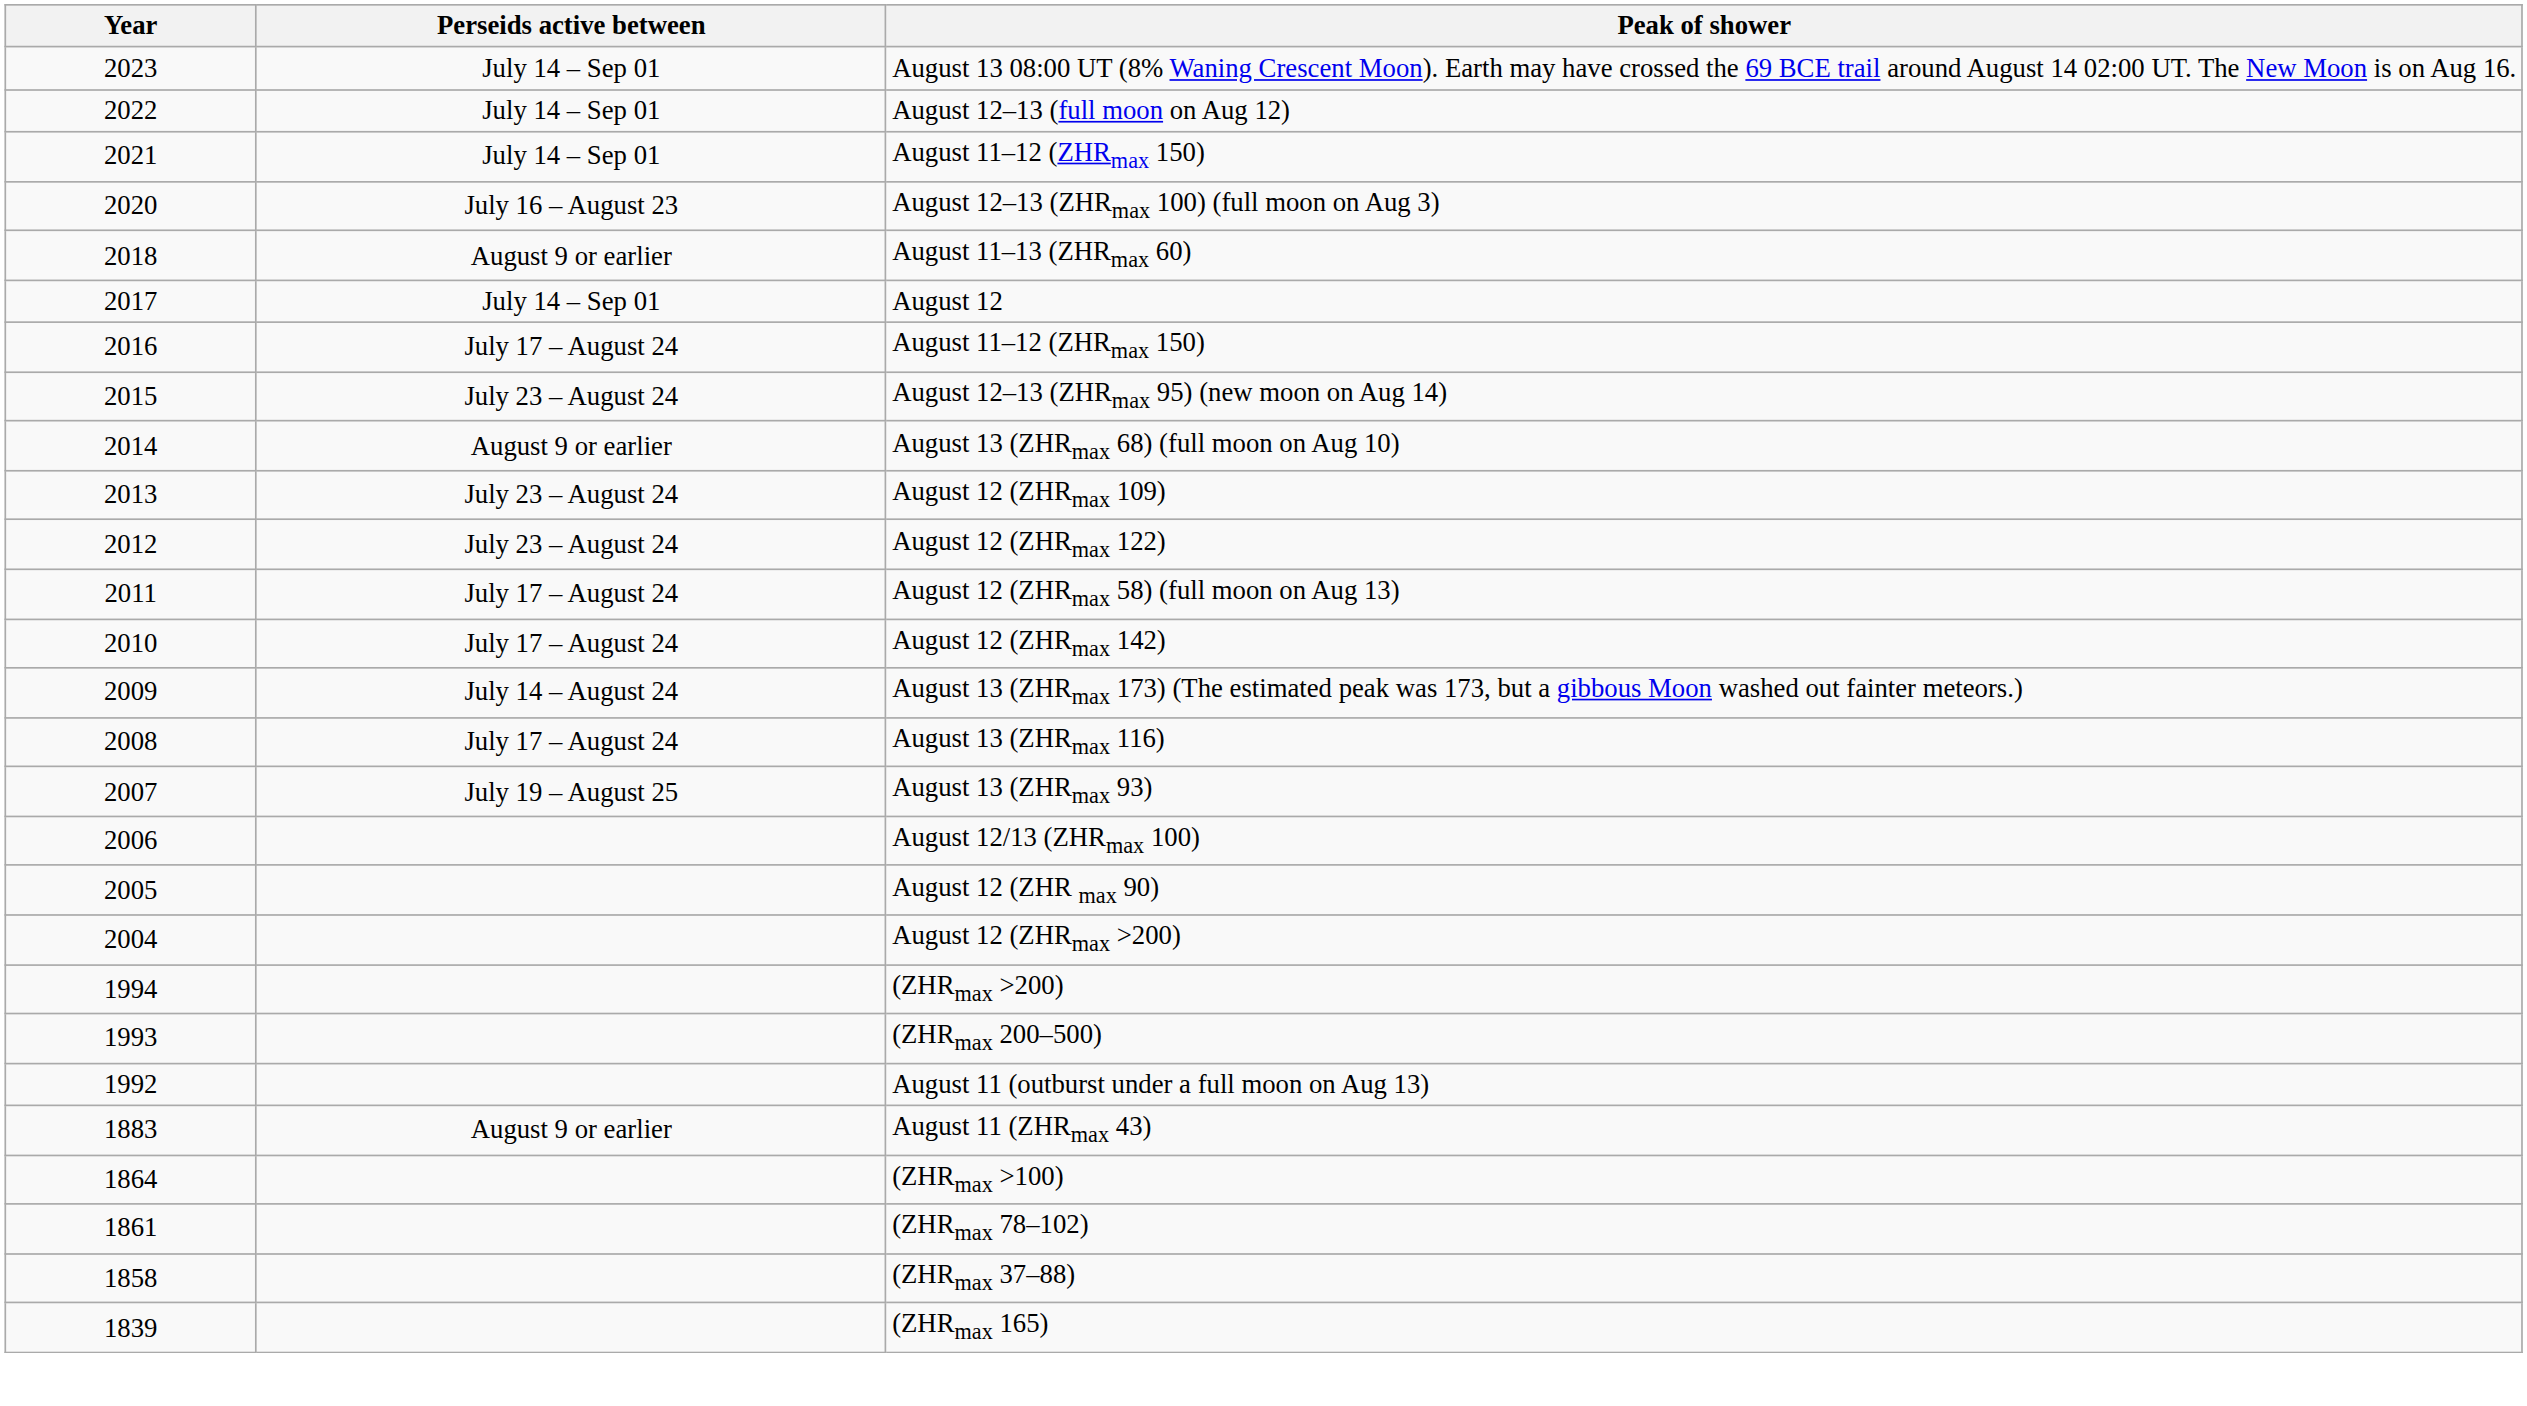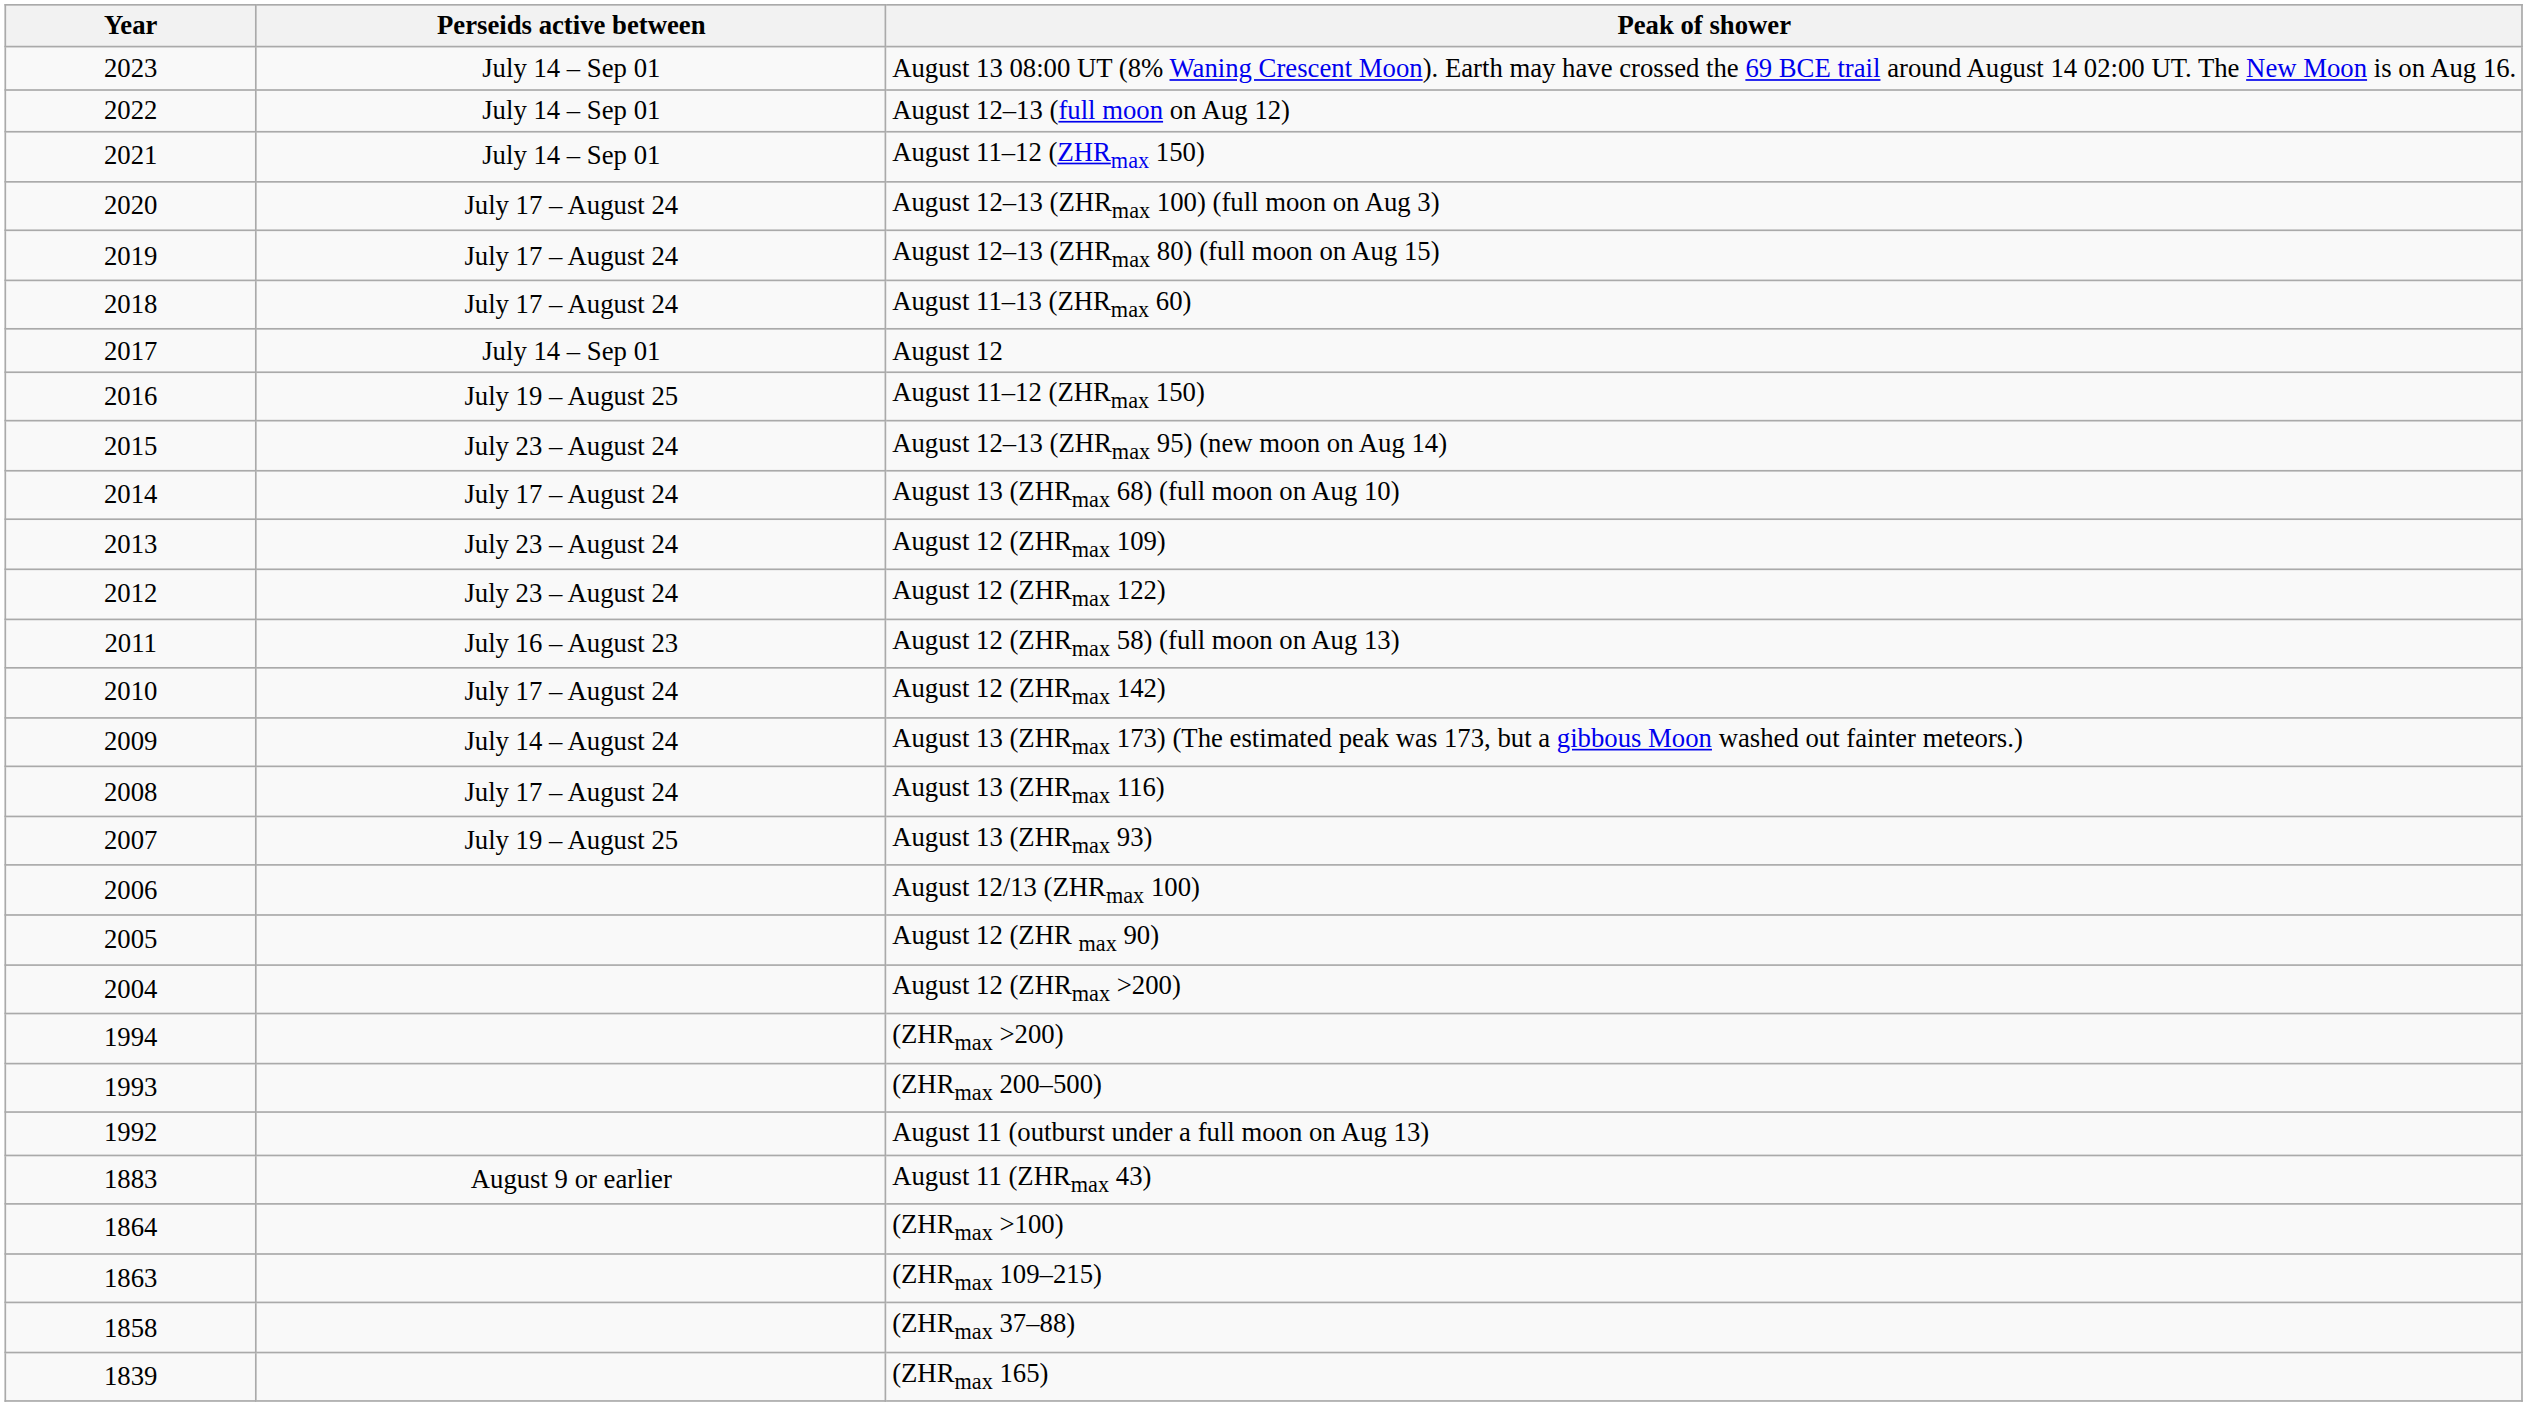 <table style="margin:auto; clear:left" | class="wikitable">
 <tr>
 <th style="width:10%;">Year</th>
 <th style="width:25%;">Perseids active between</th>
 <th style="width:65%;">Peak of shower</th>
 </tr>
 <tr>
 <td style="text-align:center;">2023</td>
 <td style="text-align:center;">July 14 – Sep 01</td>
 <td>August 13 08:00 UT (8% <a href='#'>Waning Crescent Moon</a>). Earth may have crossed the <a href='#'>69 BCE trail</a> around August 14 02:00 UT. The <a href='#'>New Moon</a> is on Aug 16.</td>
 </tr>
 <tr>
 <td style="text-align:center;">2022</td>
 <td style="text-align:center;">July 14 – Sep 01</td>
 <td>August 12–13 (<a href='#'>full moon</a> on Aug 12)</td>
 </tr>
 <tr>
 <td style="text-align:center;">2021</td>
 <td style="text-align:center;">July 14 – Sep 01</td>
 <td>August 11–12 (<a href='#'>ZHR<sub>max</sub></a> 150)</td>
 </tr>
 <tr>
 <td style="text-align:center;">2020</td>
-<td style="text-align:center;">July 16 – August 23</td>
+<td style="text-align:center;">July 17 – August 24</td>
 <td>August 12–13 (ZHR<sub>max</sub> 100) (full moon on Aug 3)</td>
 </tr>
 <tr>
+<td style="text-align:center;">2019</td>
+<td style="text-align:center;">July 17 – August 24</td>
+<td>August 12–13 (ZHR<sub>max</sub> 80) (full moon on Aug 15)</td>
+</tr>
+<tr>
 <td style="text-align:center;">2018</td>
-<td style="text-align:center;">August 9 or earlier</td>
+<td style="text-align:center;">July 17 – August 24</td>
 <td>August 11–13 (ZHR<sub>max</sub> 60)</td>
 </tr>
 <tr>
 <td style="text-align:center;">2017</td>
 <td style="text-align:center;">July 14 – Sep 01</td>
 <td>August 12</td>
 </tr>
 <tr>
 <td style="text-align:center;">2016</td>
-<td style="text-align:center;">July 17 – August 24</td>
+<td style="text-align:center;">July 19 – August 25</td>
 <td>August 11–12  (ZHR<sub>max</sub> 150)</td>
 </tr>
 <tr>
 <td style="text-align:center;">2015</td>
 <td style="text-align:center;">July 23 – August 24</td>
 <td>August 12–13 (ZHR<sub>max</sub> 95) (new moon on Aug 14)</td>
 </tr>
 <tr>
 <td style="text-align:center;">2014</td>
-<td style="text-align:center;">August 9 or earlier</td>
+<td style="text-align:center;">July 17 – August 24</td>
 <td>August 13 (ZHR<sub>max</sub> 68) (full moon on Aug 10)</td>
 </tr>
 <tr>
 <td style="text-align:center;">2013</td>
 <td style="text-align:center;">July 23 – August 24</td>
 <td>August 12 (ZHR<sub>max</sub> 109)</td>
 </tr>
 <tr>
 <td style="text-align:center;">2012</td>
 <td style="text-align:center;">July 23 – August 24</td>
 <td>August 12 (ZHR<sub>max</sub> 122)</td>
 </tr>
 <tr>
 <td style="text-align:center;">2011</td>
-<td style="text-align:center;">July 17 – August 24</td>
+<td style="text-align:center;">July 16 – August 23</td>
 <td>August 12 (ZHR<sub>max</sub> 58) (full moon on Aug 13)</td>
 </tr>
 <tr>
 <td style="text-align:center;">2010</td>
 <td style="text-align:center;">July 17 – August 24</td>
 <td>August 12 (ZHR<sub>max</sub> 142)</td>
 </tr>
 <tr>
 <td style="text-align:center;">2009</td>
 <td style="text-align:center;">July 14 – August 24</td>
 <td>August 13 (ZHR<sub>max</sub> 173) (The estimated peak was 173, but a <a href='#'>gibbous Moon</a> washed out fainter meteors.)</td>
 </tr>
 <tr>
 <td style="text-align:center;">2008</td>
 <td style="text-align:center;">July 17 – August 24</td>
 <td>August 13 (ZHR<sub>max</sub> 116)</td>
 </tr>
 <tr>
 <td style="text-align:center;">2007</td>
 <td style="text-align:center;">July 19 – August 25</td>
 <td>August 13 (ZHR<sub>max</sub> 93)</td>
 </tr>
 <tr>
 <td style="text-align:center;">2006</td>
 <td></td>
 <td>August 12/13 (ZHR<sub>max</sub> 100)</td>
 </tr>
 <tr>
 <td style="text-align:center;">2005</td>
 <td></td>
 <td>August 12 (ZHR <sub>max</sub> 90)</td>
 </tr>
 <tr>
 <td style="text-align:center;">2004</td>
 <td style="text-align:center;"></td>
 <td>August 12 (ZHR<sub>max</sub> >200)</td>
 </tr>
 <tr>
 <td style="text-align:center;">1994</td>
 <td style="text-align:center;"></td>
 <td>(ZHR<sub>max</sub> >200)</td>
 </tr>
 <tr>
 <td style="text-align:center;">1993</td>
 <td style="text-align:center;"></td>
 <td>(ZHR<sub>max</sub> 200–500)</td>
 </tr>
 <tr>
 <td style="text-align:center;">1992</td>
 <td style="text-align:center;"></td>
 <td>August 11 (outburst under a full moon on Aug 13)</td>
 </tr>
 <tr>
 <td style="text-align:center;">1883</td>
 <td style="text-align:center;">August 9 or earlier</td>
 <td>August 11 (ZHR<sub>max</sub> 43)</td>
 </tr>
 <tr>
 <td style="text-align:center;">1864</td>
 <td style="text-align:center;"></td>
 <td>(ZHR<sub>max</sub> >100)</td>
 </tr>
 <tr>
-<td style="text-align:center;">1861</td>
+<td style="text-align:center;">1863</td>
 <td style="text-align:center;"></td>
-<td>(ZHR<sub>max</sub> 78–102)</td>
+<td>(ZHR<sub>max</sub> 109–215)</td>
 </tr>
 <tr>
 <td style="text-align:center;">1858</td>
 <td style="text-align:center;"></td>
 <td>(ZHR<sub>max</sub> 37–88)</td>
 </tr>
 <tr>
 <td style="text-align:center;">1839</td>
 <td style="text-align:center;"></td>
 <td>(ZHR<sub>max</sub> 165)</td>
 </tr>
 </table>
